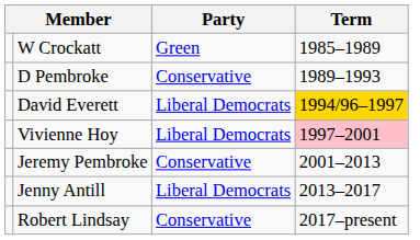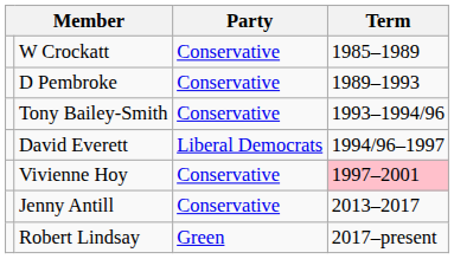 <table class="wikitable">
 <tr>
 <th colspan="2">Member</th>
 <th>Party</th>
 <th>Term</th>
 </tr>
 <tr>
 <td style="background-color: "></td>
 <td>W Crockatt</td>
-<td><a href='#'>Green</a></td>
+<td><a href='#'>Conservative</a></td>
 <td>1985–1989</td>
 </tr>
 <tr>
 <td style="background-color: "></td>
 <td>D Pembroke</td>
 <td><a href='#'>Conservative</a></td>
 <td>1989–1993</td>
 </tr>
 <tr>
 <td style="background-color: "></td>
+<td>Tony Bailey-Smith</td>
+<td><a href='#'>Conservative</a></td>
+<td>1993–1994/96</td>
+</tr>
+<tr>
+<td style="background-color: "></td>
 <td>David Everett</td>
 <td><a href='#'>Liberal Democrats</a></td>
-<td style="background: gold;">1994/96–1997</td>
+<td>1994/96–1997</td>
 </tr>
 <tr>
 <td style="background-color: "></td>
 <td>Vivienne Hoy</td>
-<td><a href='#'>Liberal Democrats</a></td>
+<td><a href='#'>Conservative</a></td>
 <td style="background: pink;">1997–2001</td>
 </tr>
 <tr>
 <td style="background-color: "></td>
-<td>Jeremy Pembroke</td>
+<td>Jenny Antill</td>
 <td><a href='#'>Conservative</a></td>
-<td>2001–2013</td>
-</tr>
-<tr>
-<td style="background-color: "></td>
-<td>Jenny Antill</td>
-<td><a href='#'>Liberal Democrats</a></td>
 <td>2013–2017</td>
 </tr>
 <tr>
 <td style="background-color: "></td>
 <td>Robert Lindsay</td>
-<td><a href='#'>Conservative</a></td>
+<td><a href='#'>Green</a></td>
 <td>2017–present</td>
 </tr>
 </table>
